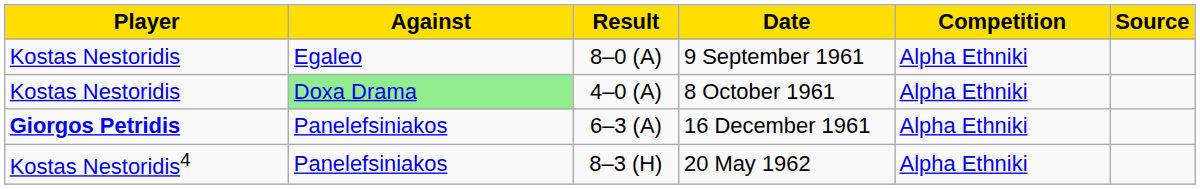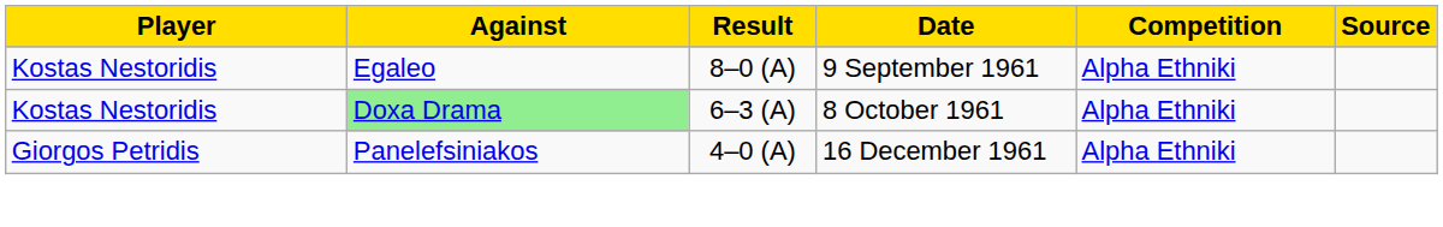 <table class="wikitable">
 <tr>
 <th width=200 style="background:#FFDE00">Player</th>
 <th width=200 style="background:#FFDE00">Against</th>
 <th width=70 style="background:#FFDE00">Result</th>
 <th width=150 style="background:#FFDE00">Date</th>
 <th width=150 style="background:#FFDE00">Competition</th>
 <th style="background:#FFDE00">Source</th>
 </tr>
 <tr>
 <td> <a href='#'>Kostas Nestoridis</a></td>
 <td> <a href='#'>Egaleo</a></td>
 <td align=center>8–0 (A)</td>
 <td>9 September 1961</td>
 <td><a href='#'>Alpha Ethniki</a></td>
 <td align=center></td>
 </tr>
 <tr>
 <td> <a href='#'>Kostas Nestoridis</a></td>
 <td style="background: lightgreen;"> <a href='#'>Doxa Drama</a></td>
-<td align=center>4–0 (A)</td>
+<td align=center>6–3 (A)</td>
 <td>8 October 1961</td>
 <td><a href='#'>Alpha Ethniki</a></td>
 <td align=center></td>
 </tr>
 <tr>
-<td><strong> <a href='#'>Giorgos Petridis</a></strong></td>
+<td> <a href='#'>Giorgos Petridis</a></td>
 <td> <a href='#'>Panelefsiniakos</a></td>
-<td align=center>6–3 (A)</td>
+<td align=center>4–0 (A)</td>
 <td>16 December 1961</td>
 <td><a href='#'>Alpha Ethniki</a></td>
 <td align=center></td>
 </tr>
-<tr>
-<td> <a href='#'>Kostas Nestoridis</a><sup>4</sup></td>
-<td> <a href='#'>Panelefsiniakos</a></td>
-<td align=center>8–3 (H)</td>
-<td>20 May 1962</td>
-<td><a href='#'>Alpha Ethniki</a></td>
-<td align=center></td>
-</tr>
 </table>
